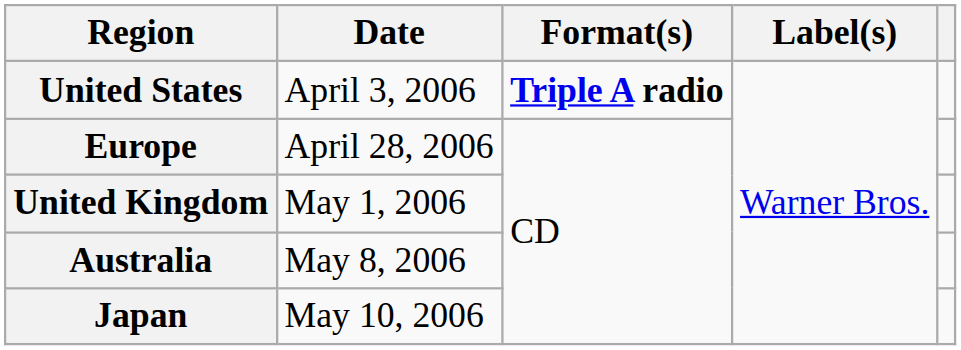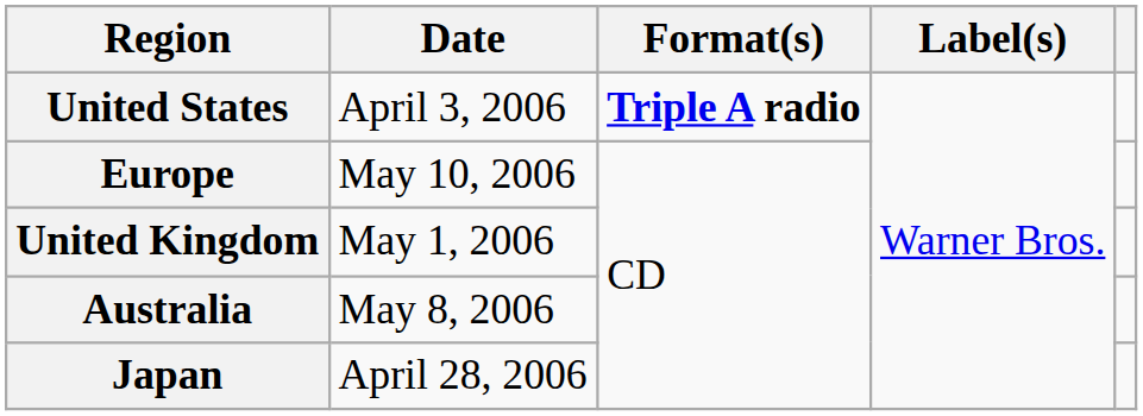 <table class="wikitable plainrowheaders">
 <tr>
 <th scope="col">Region</th>
 <th scope="col">Date</th>
 <th scope="col">Format(s)</th>
 <th scope="col">Label(s)</th>
 <th scope="col"></th>
 </tr>
 <tr>
 <th scope="row">United States</th>
 <td>April 3, 2006</td>
 <td><strong><a href='#'>Triple A</a> radio</strong></td>
 <td rowspan="5"><a href='#'>Warner Bros.</a></td>
 <td align="center"></td>
 </tr>
 <tr>
 <th scope="row">Europe</th>
-<td>April 28, 2006</td>
+<td>May 10, 2006</td>
 <td rowspan="4">CD</td>
 <td align="center"></td>
 </tr>
 <tr>
 <th scope="row">United Kingdom</th>
 <td>May 1, 2006</td>
 <td align="center"></td>
 </tr>
 <tr>
 <th scope="row">Australia</th>
 <td>May 8, 2006</td>
 <td align="center"></td>
 </tr>
 <tr>
 <th scope="row">Japan</th>
-<td>May 10, 2006</td>
+<td>April 28, 2006</td>
 <td align="center"></td>
 </tr>
 </table>
